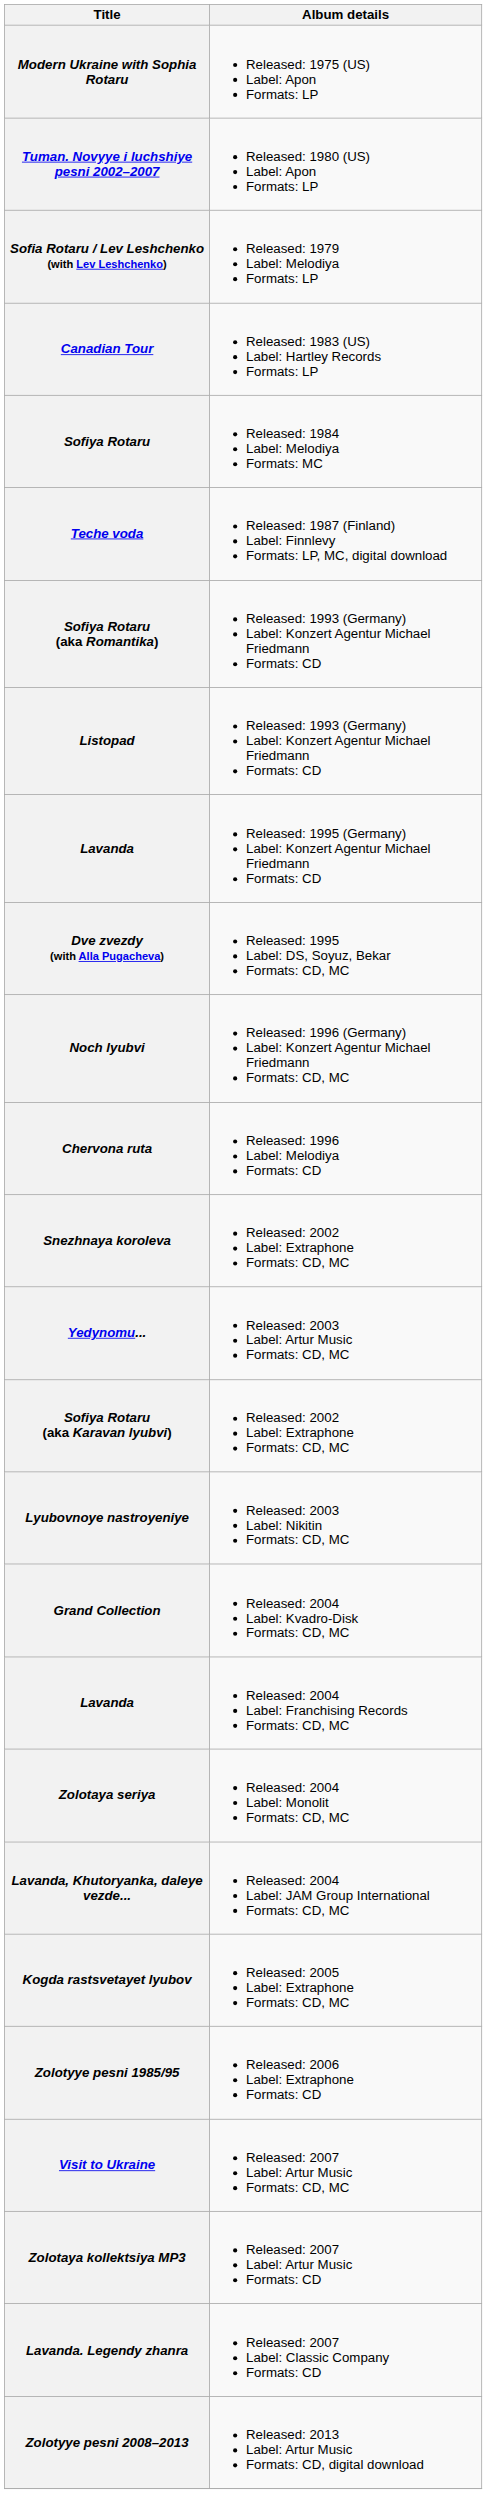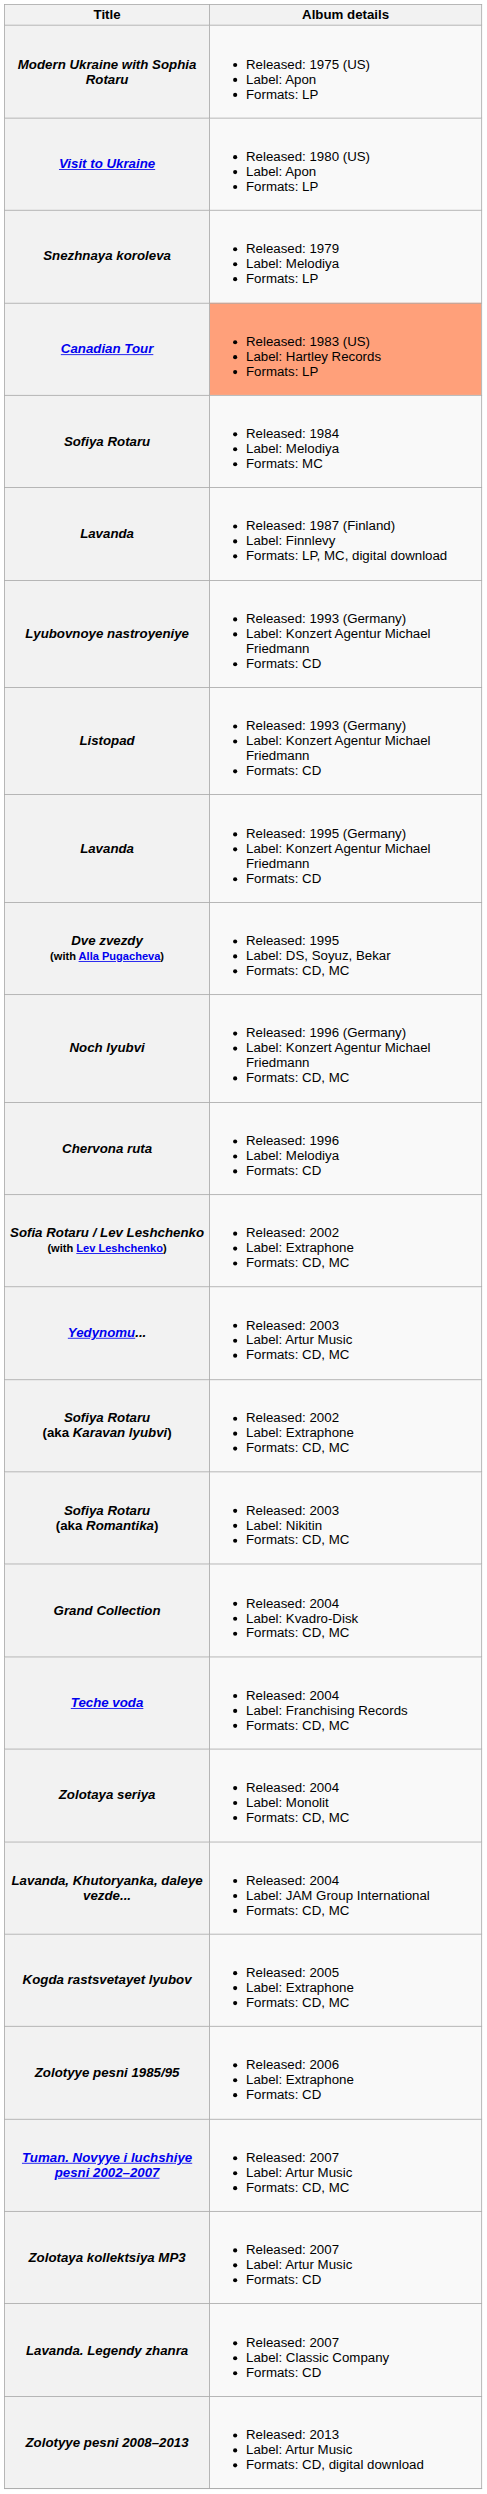 <table class="wikitable plainrowheaders" style="text-align:center;">
 <tr>
 <th style="width:15em;">Title</th>
 <th style="width:20em;">Album details</th>
 </tr>
 <tr>
 <th scope="row"><em>Modern Ukraine with Sophia Rotaru</em></th>
 <td align="left"><br><ul><li>Released: 1975 (US)</li><li>Label: Apon</li><li>Formats: LP</li></ul></td>
 </tr>
 <tr>
-<th scope="row"><em><a href='#'>Tuman. Novyye i luchshiye pesni 2002–2007</a></em></th>
+<th scope="row"><em><a href='#'>Visit to Ukraine</a></em></th>
 <td align="left"><br><ul><li>Released: 1980 (US)</li><li>Label: Apon</li><li>Formats: LP</li></ul></td>
 </tr>
 <tr>
-<th scope="row"><em>Sofia Rotaru / Lev Leshchenko</em><br><small>(with <a href='#'>Lev Leshchenko</a>)</small></th>
+<th scope="row"><em>Snezhnaya koroleva</em></th>
 <td align="left"><br><ul><li>Released: 1979</li><li>Label: Melodiya</li><li>Formats: LP</li></ul></td>
 </tr>
 <tr>
 <th scope="row"><em><a href='#'>Canadian Tour</a></em></th>
-<td align="left"><br><ul><li>Released: 1983 (US)</li><li>Label: Hartley Records</li><li>Formats: LP</li></ul></td>
+<td align="left" style="background: lightsalmon;"><br><ul><li>Released: 1983 (US)</li><li>Label: Hartley Records</li><li>Formats: LP</li></ul></td>
 </tr>
 <tr>
 <th scope="row"><em>Sofiya Rotaru</em></th>
 <td align="left"><br><ul><li>Released: 1984</li><li>Label: Melodiya</li><li>Formats: MC</li></ul></td>
 </tr>
 <tr>
-<th scope="row"><em><a href='#'>Teche voda</a></em></th>
+<th scope="row"><em>Lavanda</em></th>
 <td align="left"><br><ul><li>Released: 1987 (Finland)</li><li>Label: Finnlevy</li><li>Formats: LP, MC, digital download</li></ul></td>
 </tr>
 <tr>
-<th scope="row"><em>Sofiya Rotaru</em><br> (aka <em>Romantika</em>)</th>
+<th scope="row"><em>Lyubovnoye nastroyeniye</em></th>
 <td align="left"><br><ul><li>Released: 1993 (Germany)</li><li>Label: Konzert Agentur Michael Friedmann</li><li>Formats: CD</li></ul></td>
 </tr>
 <tr>
 <th scope="row"><em>Listopad</em></th>
 <td align="left"><br><ul><li>Released: 1993 (Germany)</li><li>Label: Konzert Agentur Michael Friedmann</li><li>Formats: CD</li></ul></td>
 </tr>
 <tr>
 <th scope="row"><em>Lavanda</em></th>
 <td align="left"><br><ul><li>Released: 1995 (Germany)</li><li>Label: Konzert Agentur Michael Friedmann</li><li>Formats: CD</li></ul></td>
 </tr>
 <tr>
 <th scope="row"><em>Dve zvezdy</em><br><small>(with <a href='#'>Alla Pugacheva</a>)</small></th>
 <td align="left"><br><ul><li>Released: 1995</li><li>Label: DS, Soyuz, Bekar</li><li>Formats: CD, MC</li></ul></td>
 </tr>
 <tr>
 <th scope="row"><em>Noch lyubvi</em></th>
 <td align="left"><br><ul><li>Released: 1996 (Germany)</li><li>Label: Konzert Agentur Michael Friedmann</li><li>Formats: CD, MC</li></ul></td>
 </tr>
 <tr>
 <th scope="row"><em>Chervona ruta</em></th>
 <td align="left"><br><ul><li>Released: 1996</li><li>Label: Melodiya</li><li>Formats: CD</li></ul></td>
 </tr>
 <tr>
-<th scope="row"><em>Snezhnaya koroleva</em></th>
+<th scope="row"><em>Sofia Rotaru / Lev Leshchenko</em><br><small>(with <a href='#'>Lev Leshchenko</a>)</small></th>
 <td align="left"><br><ul><li>Released: 2002</li><li>Label: Extraphone</li><li>Formats: CD, MC</li></ul></td>
 </tr>
 <tr>
 <th scope="row"><em><a href='#'>Yedynomu</a>...</em></th>
 <td align="left"><br><ul><li>Released: 2003</li><li>Label: Artur Music</li><li>Formats: CD, MC</li></ul></td>
 </tr>
 <tr>
 <th scope="row"><em>Sofiya Rotaru</em><br> (aka <em>Karavan lyubvi</em>)</th>
 <td align="left"><br><ul><li>Released: 2002</li><li>Label: Extraphone</li><li>Formats: CD, MC</li></ul></td>
 </tr>
 <tr>
-<th scope="row"><em>Lyubovnoye nastroyeniye</em></th>
+<th scope="row"><em>Sofiya Rotaru</em><br> (aka <em>Romantika</em>)</th>
 <td align="left"><br><ul><li>Released: 2003</li><li>Label: Nikitin</li><li>Formats: CD, MC</li></ul></td>
 </tr>
 <tr>
 <th scope="row"><em>Grand Collection</em></th>
 <td align="left"><br><ul><li>Released: 2004</li><li>Label: Kvadro-Disk</li><li>Formats: CD, MC</li></ul></td>
 </tr>
 <tr>
-<th scope="row"><em>Lavanda</em></th>
+<th scope="row"><em><a href='#'>Teche voda</a></em></th>
 <td align="left"><br><ul><li>Released: 2004</li><li>Label: Franchising Records</li><li>Formats: CD, MC</li></ul></td>
 </tr>
 <tr>
 <th scope="row"><em>Zolotaya seriya</em></th>
 <td align="left"><br><ul><li>Released: 2004</li><li>Label: Monolit</li><li>Formats: CD, MC</li></ul></td>
 </tr>
 <tr>
 <th scope="row"><em>Lavanda, Khutoryanka, daleye vezde...</em></th>
 <td align="left"><br><ul><li>Released: 2004</li><li>Label: JAM Group International</li><li>Formats: CD, MC</li></ul></td>
 </tr>
 <tr>
 <th scope="row"><em>Kogda rastsvetayet lyubov</em></th>
 <td align="left"><br><ul><li>Released: 2005</li><li>Label: Extraphone</li><li>Formats: CD, MC</li></ul></td>
 </tr>
 <tr>
 <th scope="row"><em>Zolotyye pesni 1985/95</em></th>
 <td align="left"><br><ul><li>Released: 2006</li><li>Label: Extraphone</li><li>Formats: CD</li></ul></td>
 </tr>
 <tr>
-<th scope="row"><em><a href='#'>Visit to Ukraine</a></em></th>
+<th scope="row"><em><a href='#'>Tuman. Novyye i luchshiye pesni 2002–2007</a></em></th>
 <td align="left"><br><ul><li>Released: 2007</li><li>Label: Artur Music</li><li>Formats: CD, MC</li></ul></td>
 </tr>
 <tr>
 <th scope="row"><em>Zolotaya kollektsiya MP3</em></th>
 <td align="left"><br><ul><li>Released: 2007</li><li>Label: Artur Music</li><li>Formats: CD</li></ul></td>
 </tr>
 <tr>
 <th scope="row"><em>Lavanda. Legendy zhanra</em></th>
 <td align="left"><br><ul><li>Released: 2007</li><li>Label: Classic Company</li><li>Formats: CD</li></ul></td>
 </tr>
 <tr>
 <th scope="row"><em>Zolotyye pesni 2008–2013</em></th>
 <td align="left"><br><ul><li>Released: 2013</li><li>Label: Artur Music</li><li>Formats: CD, digital download</li></ul></td>
 </tr>
 <tr>
 </tr>
 </table>
